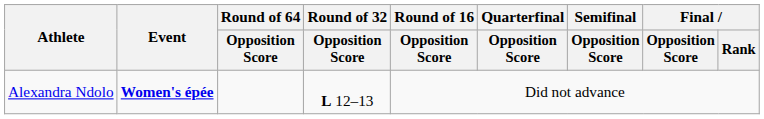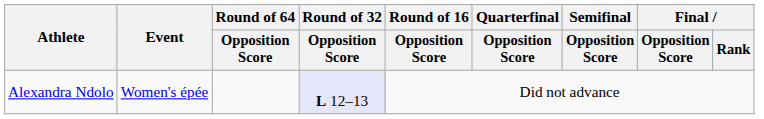 <table class="wikitable" style="font-size:90%">
 <tr>
 <th rowspan="2">Athlete</th>
 <th rowspan="2">Event</th>
 <th>Round of 64</th>
 <th>Round of 32</th>
 <th>Round of 16</th>
 <th>Quarterfinal</th>
 <th>Semifinal</th>
 <th colspan=2>Final / </th>
 </tr>
 <tr style="font-size:95%">
 <th>Opposition <br> Score</th>
 <th>Opposition <br> Score</th>
 <th>Opposition <br> Score</th>
 <th>Opposition <br> Score</th>
 <th>Opposition <br> Score</th>
 <th>Opposition <br> Score</th>
 <th>Rank</th>
 </tr>
 <tr align=center>
 <td align=left><a href='#'>Alexandra Ndolo</a></td>
-<td align=left><strong><a href='#'>Women's épée</a></strong></td>
+<td align=left><a href='#'>Women's épée</a></td>
 <td></td>
-<td><br><strong>L</strong> 12–13</td>
+<td style="background: lavender;"><br><strong>L</strong> 12–13</td>
 <td colspan="6">Did not advance</td>
 </tr>
 </table>
